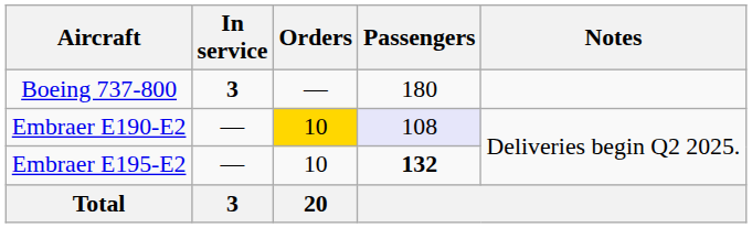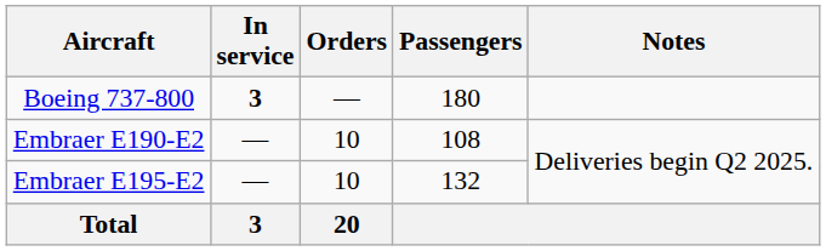 <table class="wikitable" style="margin:0.5em auto; text-align:center">
 <tr>
 <th>Aircraft</th>
 <th>In<br>service</th>
 <th>Orders</th>
 <th>Passengers</th>
 <th>Notes</th>
 </tr>
 <tr>
 <td><a href='#'>Boeing 737-800</a></td>
 <td><strong>3</strong></td>
 <td>—</td>
 <td>180</td>
 <td></td>
 </tr>
 <tr>
 <td><a href='#'>Embraer E190-E2</a></td>
 <td>—</td>
-<td style="background: gold;">10</td>
-<td style="background: lavender;">108</td>
+<td>10</td>
+<td>108</td>
 <td rowspan="2">Deliveries begin Q2 2025.</td>
 </tr>
 <tr>
 <td><a href='#'>Embraer E195-E2</a></td>
 <td>—</td>
 <td>10</td>
-<td><strong>132</strong></td>
+<td>132</td>
 </tr>
 <tr>
 <th>Total</th>
 <th>3</th>
 <th>20</th>
 <th colspan=2></th>
 </tr>
 </table>
